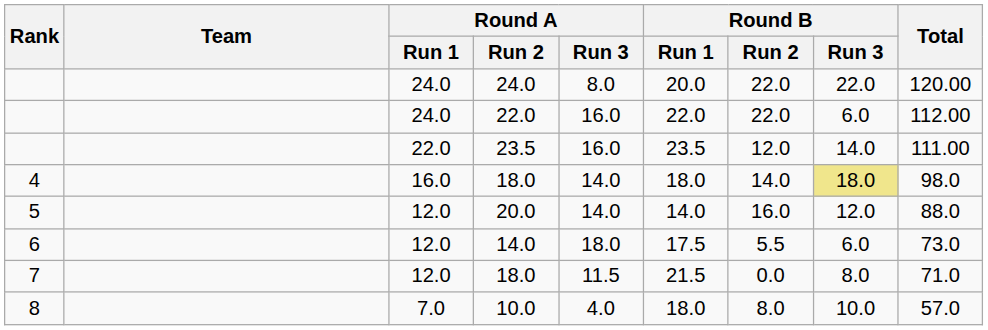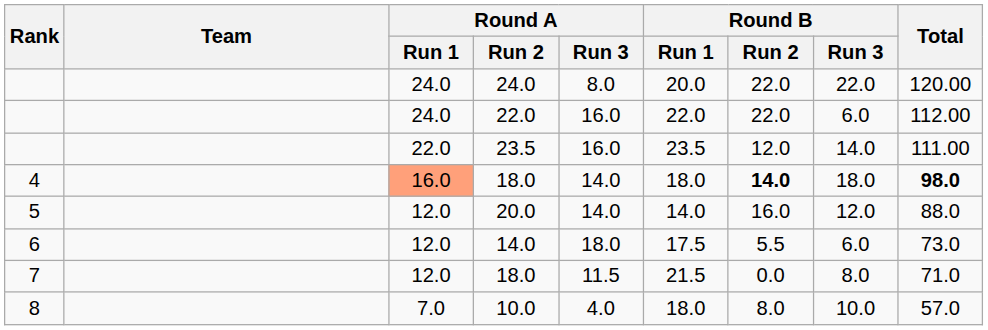 <table class=wikitable style="text-align:center">
 <tr>
 <th rowspan=2 width=40>Rank</th>
 <th rowspan=2 width=250>Team</th>
 <th colspan=3>Round A</th>
 <th colspan=3>Round B</th>
 <th rowspan=2 width=60>Total</th>
 </tr>
 <tr>
 <th width=60>Run 1</th>
 <th width=60>Run 2</th>
 <th width=60>Run 3</th>
 <th width=60>Run 1</th>
 <th width=60>Run 2</th>
 <th width=60>Run 3</th>
 </tr>
 <tr>
 <td></td>
 <td style="text-align:left"></td>
 <td>24.0</td>
 <td>24.0</td>
 <td>8.0</td>
 <td>20.0</td>
 <td>22.0</td>
 <td>22.0</td>
 <td>120.00</td>
 </tr>
 <tr>
 <td></td>
 <td style="text-align:left"></td>
 <td>24.0</td>
 <td>22.0</td>
 <td>16.0</td>
 <td>22.0</td>
 <td>22.0</td>
 <td>6.0</td>
 <td>112.00</td>
 </tr>
 <tr>
 <td></td>
 <td style="text-align:left"></td>
 <td>22.0</td>
 <td>23.5</td>
 <td>16.0</td>
 <td>23.5</td>
 <td>12.0</td>
 <td>14.0</td>
 <td>111.00</td>
 </tr>
 <tr>
 <td>4</td>
 <td style="text-align:left"></td>
-<td>16.0</td>
+<td style="background: lightsalmon;">16.0</td>
 <td>18.0</td>
 <td>14.0</td>
 <td>18.0</td>
-<td>14.0</td>
-<td style="background: khaki;">18.0</td>
-<td>98.0</td>
+<td><strong>14.0</strong></td>
+<td>18.0</td>
+<td><strong>98.0</strong></td>
 </tr>
 <tr>
 <td>5</td>
 <td style="text-align:left"></td>
 <td>12.0</td>
 <td>20.0</td>
 <td>14.0</td>
 <td>14.0</td>
 <td>16.0</td>
 <td>12.0</td>
 <td>88.0</td>
 </tr>
 <tr>
 <td>6</td>
 <td style="text-align:left"></td>
 <td>12.0</td>
 <td>14.0</td>
 <td>18.0</td>
 <td>17.5</td>
 <td>5.5</td>
 <td>6.0</td>
 <td>73.0</td>
 </tr>
 <tr>
 <td>7</td>
 <td style="text-align:left"></td>
 <td>12.0</td>
 <td>18.0</td>
 <td>11.5</td>
 <td>21.5</td>
 <td>0.0</td>
 <td>8.0</td>
 <td>71.0</td>
 </tr>
 <tr>
 <td>8</td>
 <td style="text-align:left"></td>
 <td>7.0</td>
 <td>10.0</td>
 <td>4.0</td>
 <td>18.0</td>
 <td>8.0</td>
 <td>10.0</td>
 <td>57.0</td>
 </tr>
 </table>
